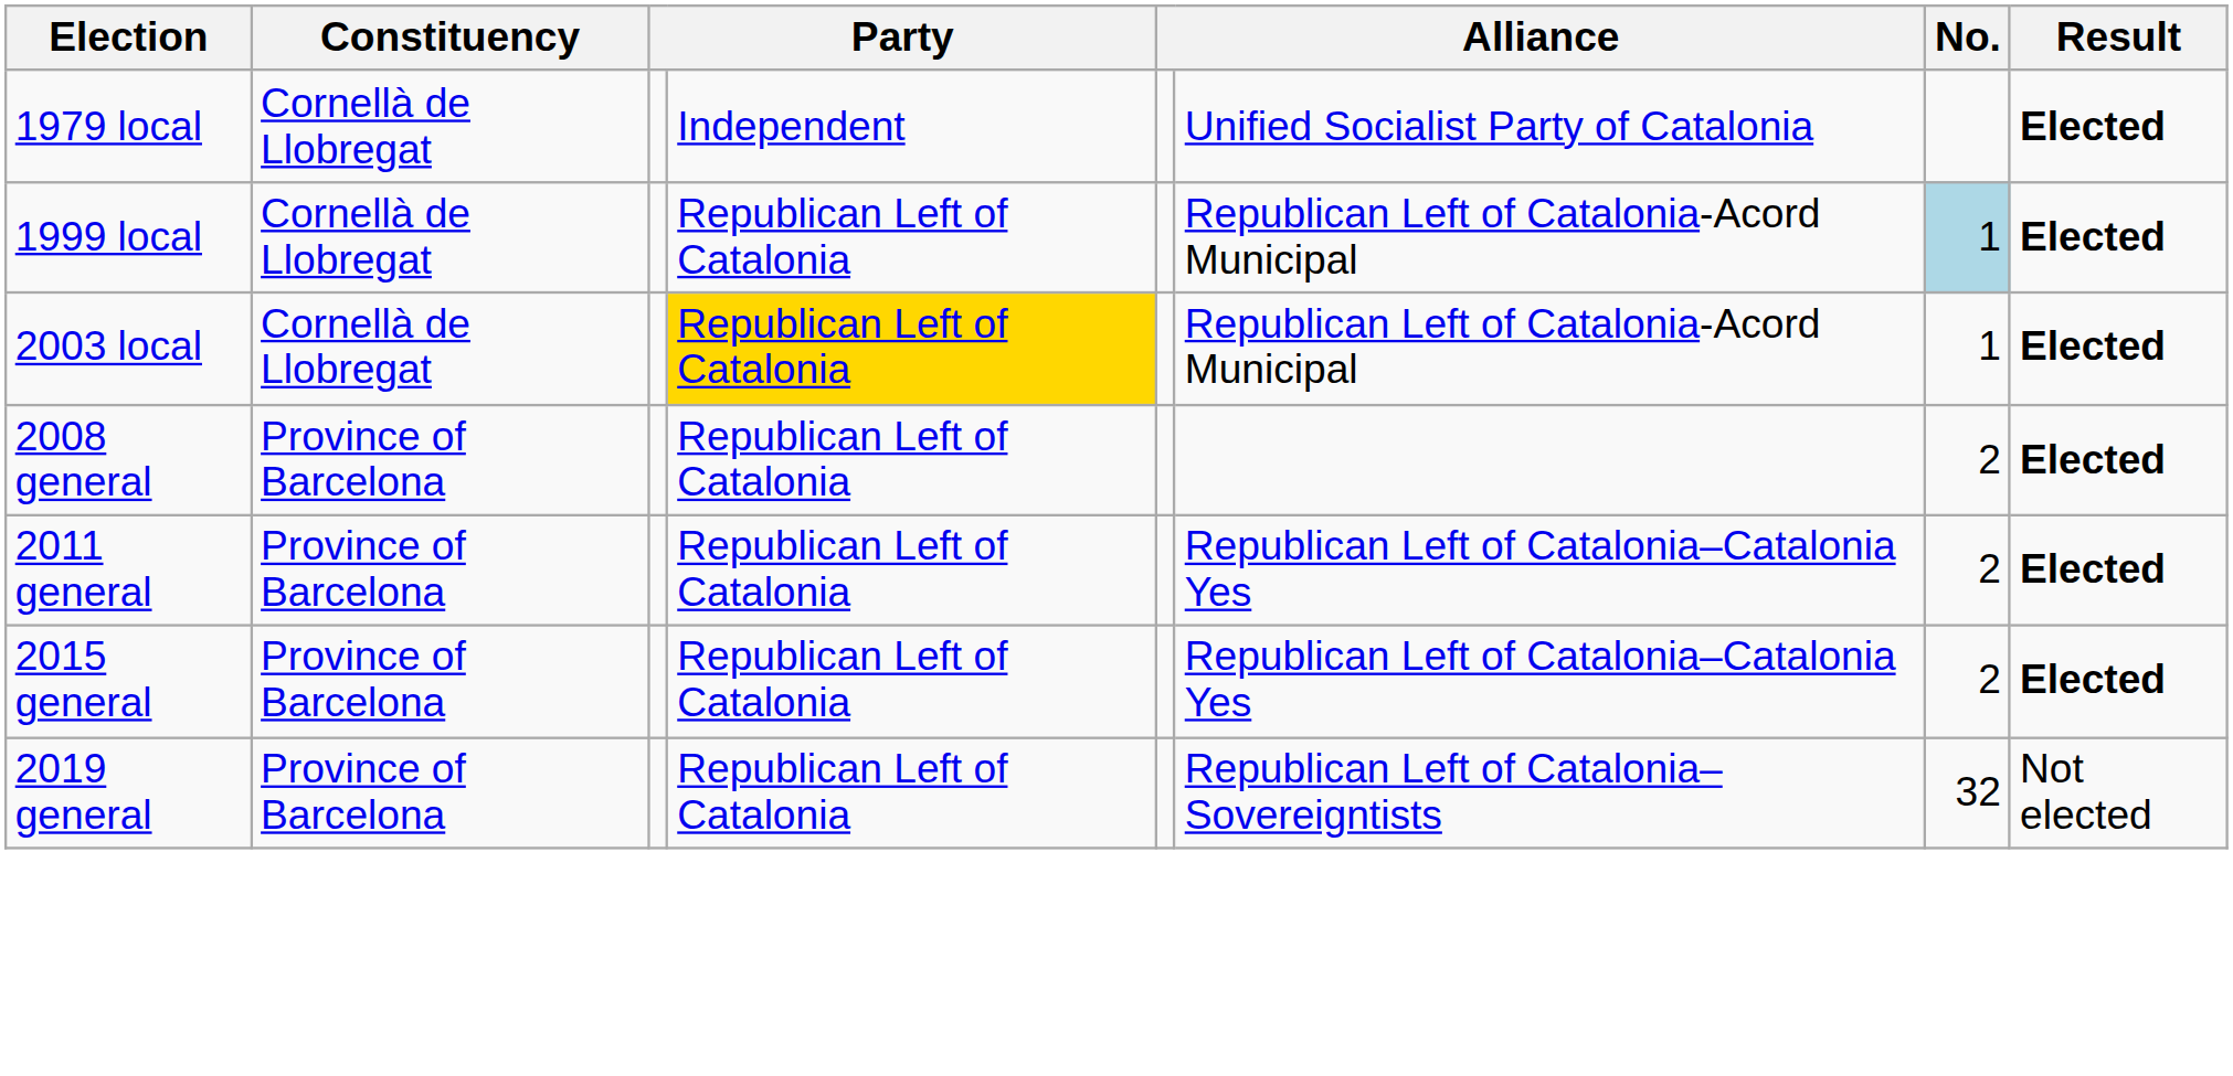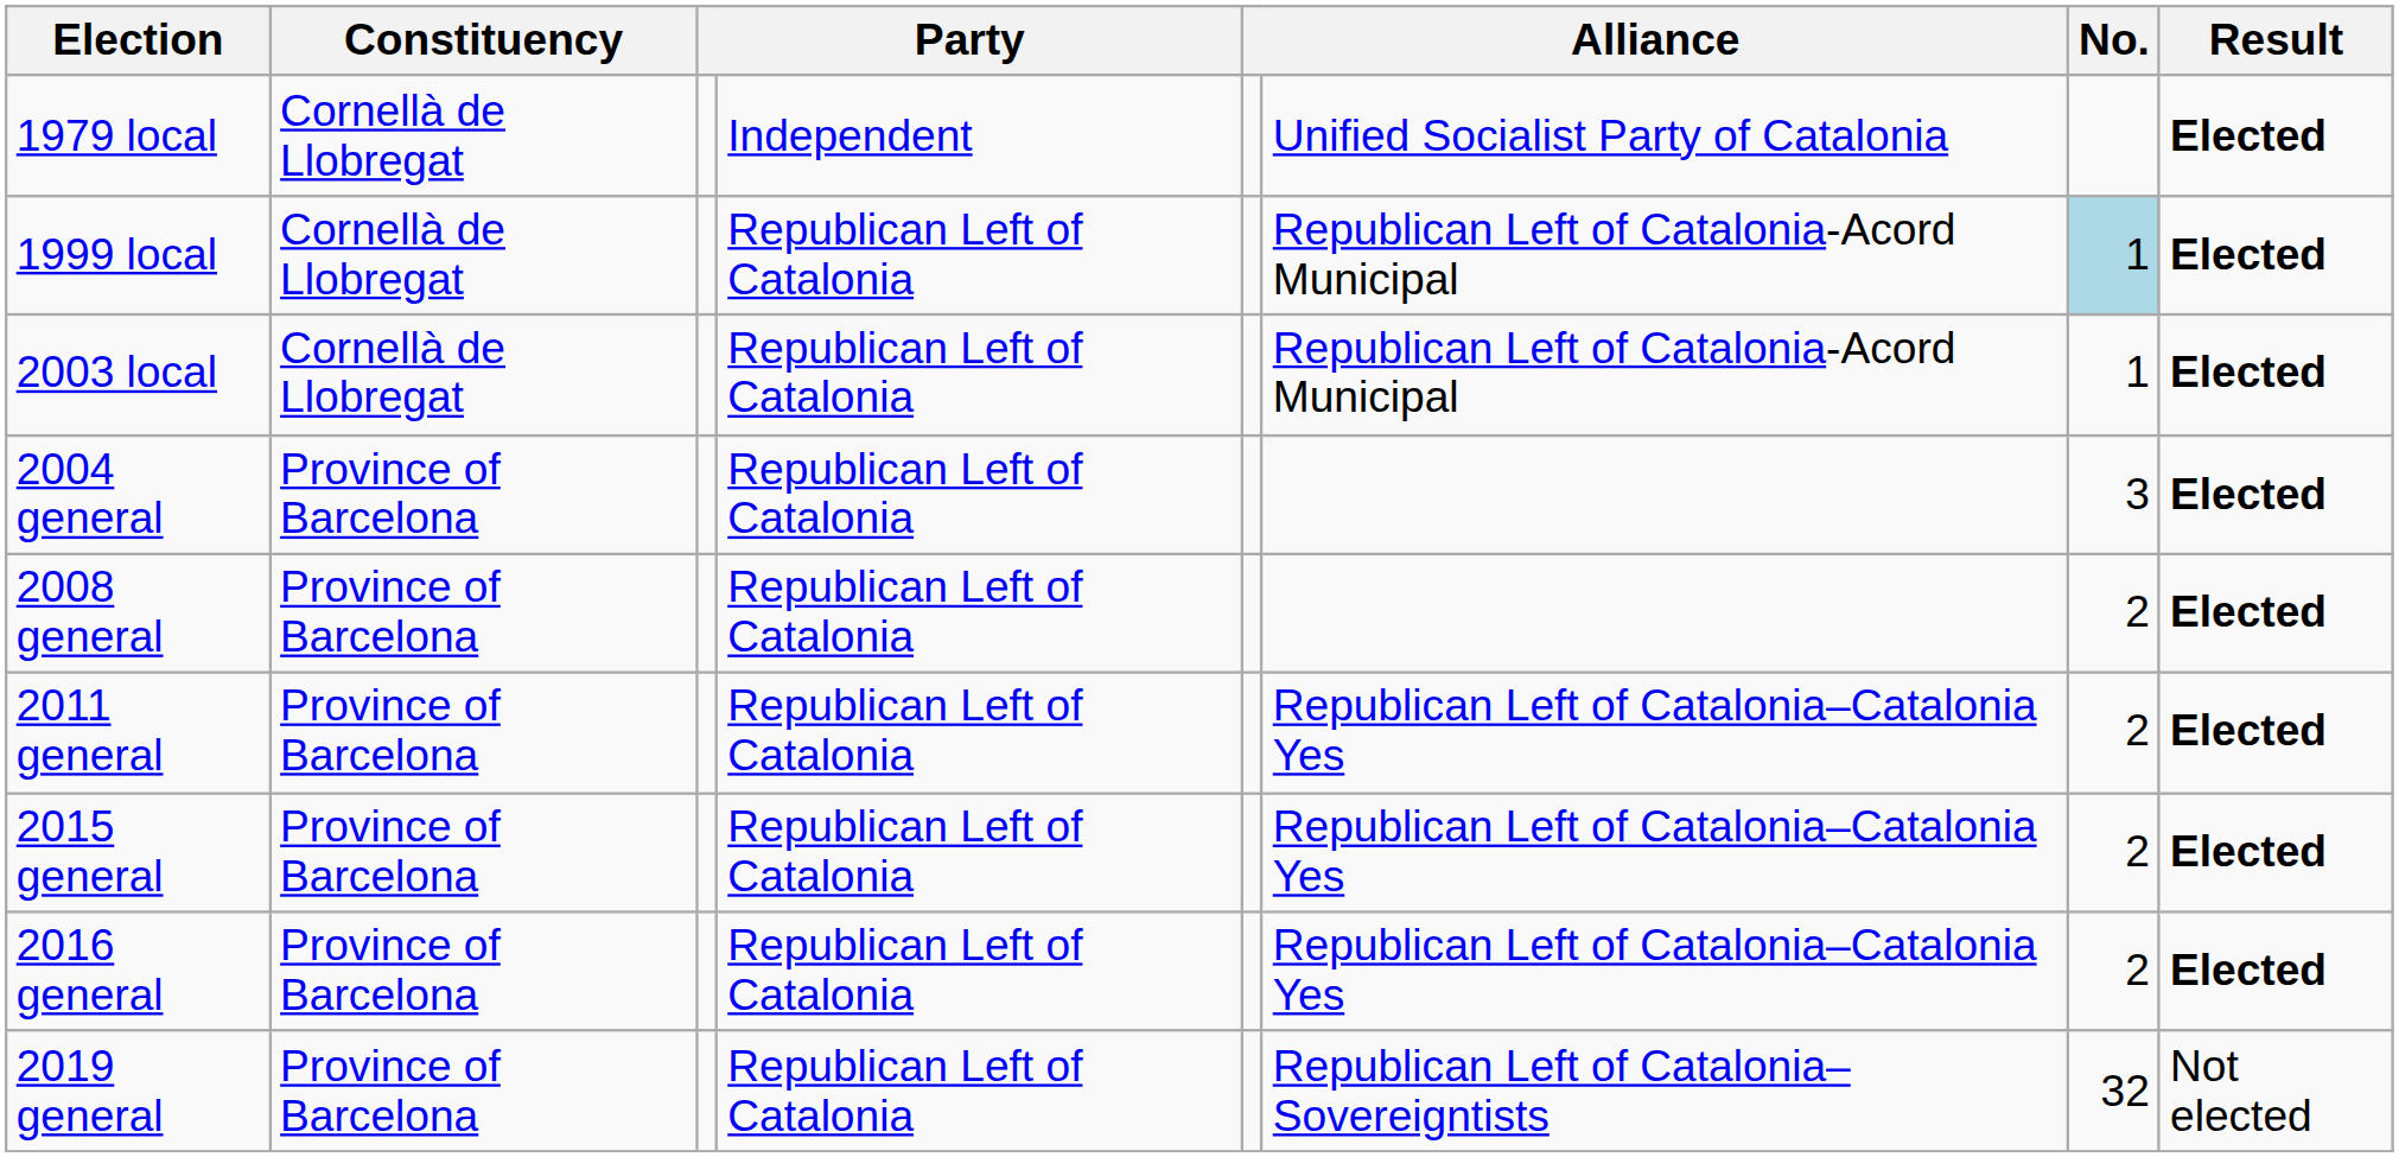 <table class="wikitable" style="text-align:left;">
 <tr>
 <th scope=col>Election</th>
 <th scope=col>Constituency</th>
 <th scope=col colspan="2">Party</th>
 <th scope=col colspan="2">Alliance</th>
 <th scope=col>No.</th>
 <th scope=col>Result</th>
 </tr>
 <tr>
 <td><a href='#'>1979 local</a></td>
 <td><a href='#'>Cornellà de Llobregat</a></td>
 <td style="background:"></td>
 <td><a href='#'>Independent</a></td>
 <td style="background:"></td>
 <td><a href='#'>Unified Socialist Party of Catalonia</a></td>
 <td align=right></td>
 <td><strong>Elected</strong></td>
 </tr>
 <tr>
 <td><a href='#'>1999 local</a></td>
 <td><a href='#'>Cornellà de Llobregat</a></td>
 <td style="background:"></td>
 <td><a href='#'>Republican Left of Catalonia</a></td>
 <td style="background:"></td>
 <td><a href='#'>Republican Left of Catalonia</a>-Acord Municipal</td>
 <td align=right style="background: lightblue;">1</td>
 <td><strong>Elected</strong></td>
 </tr>
 <tr>
 <td><a href='#'>2003 local</a></td>
 <td><a href='#'>Cornellà de Llobregat</a></td>
 <td style="background:"></td>
-<td style="background: gold;"><a href='#'>Republican Left of Catalonia</a></td>
+<td><a href='#'>Republican Left of Catalonia</a></td>
 <td style="background:"></td>
 <td><a href='#'>Republican Left of Catalonia</a>-Acord Municipal</td>
 <td align=right>1</td>
+<td><strong>Elected</strong></td>
+</tr>
+<tr>
+<td><a href='#'>2004 general</a></td>
+<td><a href='#'>Province of Barcelona</a></td>
+<td style="background:"></td>
+<td><a href='#'>Republican Left of Catalonia</a></td>
+<td></td>
+<td></td>
+<td align=right>3</td>
 <td><strong>Elected</strong></td>
 </tr>
 <tr>
 <td><a href='#'>2008 general</a></td>
 <td><a href='#'>Province of Barcelona</a></td>
 <td style="background:"></td>
 <td><a href='#'>Republican Left of Catalonia</a></td>
 <td></td>
 <td></td>
 <td align=right>2</td>
 <td><strong>Elected</strong></td>
 </tr>
 <tr>
 <td><a href='#'>2011 general</a></td>
 <td><a href='#'>Province of Barcelona</a></td>
 <td style="background:"></td>
 <td><a href='#'>Republican Left of Catalonia</a></td>
 <td style="background:"></td>
 <td><a href='#'>Republican Left of Catalonia–Catalonia Yes</a></td>
 <td align=right>2</td>
 <td><strong>Elected</strong></td>
 </tr>
 <tr>
 <td><a href='#'>2015 general</a></td>
 <td><a href='#'>Province of Barcelona</a></td>
 <td style="background:"></td>
 <td><a href='#'>Republican Left of Catalonia</a></td>
 <td style="background:"></td>
 <td><a href='#'>Republican Left of Catalonia–Catalonia Yes</a></td>
 <td align=right>2</td>
 <td><strong>Elected</strong></td>
 </tr>
 <tr>
+<td><a href='#'>2016 general</a></td>
+<td><a href='#'>Province of Barcelona</a></td>
+<td style="background:"></td>
+<td><a href='#'>Republican Left of Catalonia</a></td>
+<td style="background:"></td>
+<td><a href='#'>Republican Left of Catalonia–Catalonia Yes</a></td>
+<td align=right>2</td>
+<td><strong>Elected</strong></td>
+</tr>
+<tr>
 <td><a href='#'>2019 general</a></td>
 <td><a href='#'>Province of Barcelona</a></td>
 <td style="background:"></td>
 <td><a href='#'>Republican Left of Catalonia</a></td>
 <td style="background:"></td>
 <td><a href='#'>Republican Left of Catalonia–Sovereigntists</a></td>
 <td align=right>32</td>
 <td>Not elected</td>
 </tr>
 </table>
